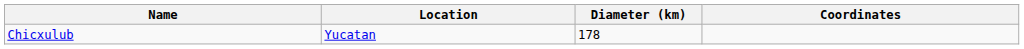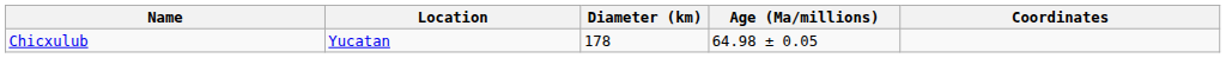 <table class="wikitable">
 <tr>
 <th style="width:25%;">Name</th>
 <th style="width:20%;">Location</th>
 <th style="width:10%;">Diameter (km)</th>
+<th style="width:15%;">Age (Ma/millions)</th>
 <th style="width:25%;">Coordinates</th>
 </tr>
 <tr>
 <td><a href='#'>Chicxulub</a></td>
 <td><a href='#'>Yucatan</a></td>
 <td>178</td>
+<td>64.98 ± 0.05</td>
 <td align=right></td>
 </tr>
 </table>
